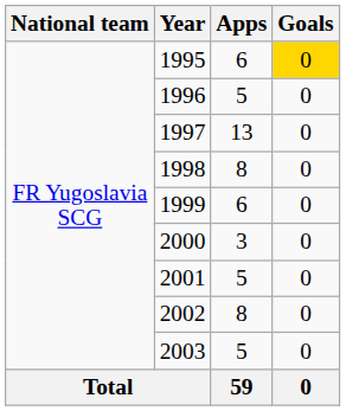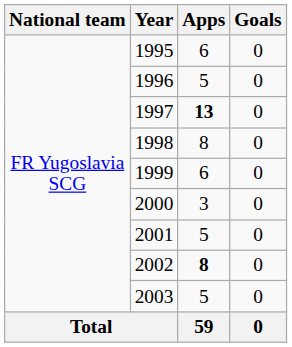 <table class="wikitable" style="text-align:center">
 <tr>
 <th>National team</th>
 <th>Year</th>
 <th>Apps</th>
 <th>Goals</th>
 </tr>
 <tr>
 <td rowspan="9"><a href='#'>FR Yugoslavia<br>SCG</a></td>
 <td>1995</td>
 <td>6</td>
-<td style="background: gold;">0</td>
+<td>0</td>
 </tr>
 <tr>
 <td>1996</td>
 <td>5</td>
 <td>0</td>
 </tr>
 <tr>
 <td>1997</td>
-<td>13</td>
+<td><strong>13</strong></td>
 <td>0</td>
 </tr>
 <tr>
 <td>1998</td>
 <td>8</td>
 <td>0</td>
 </tr>
 <tr>
 <td>1999</td>
 <td>6</td>
 <td>0</td>
 </tr>
 <tr>
 <td>2000</td>
 <td>3</td>
 <td>0</td>
 </tr>
 <tr>
 <td>2001</td>
 <td>5</td>
 <td>0</td>
 </tr>
 <tr>
 <td>2002</td>
-<td>8</td>
+<td><strong>8</strong></td>
 <td>0</td>
 </tr>
 <tr>
 <td>2003</td>
 <td>5</td>
 <td>0</td>
 </tr>
 <tr>
 <th colspan="2">Total</th>
 <th>59</th>
 <th>0</th>
 </tr>
 </table>
